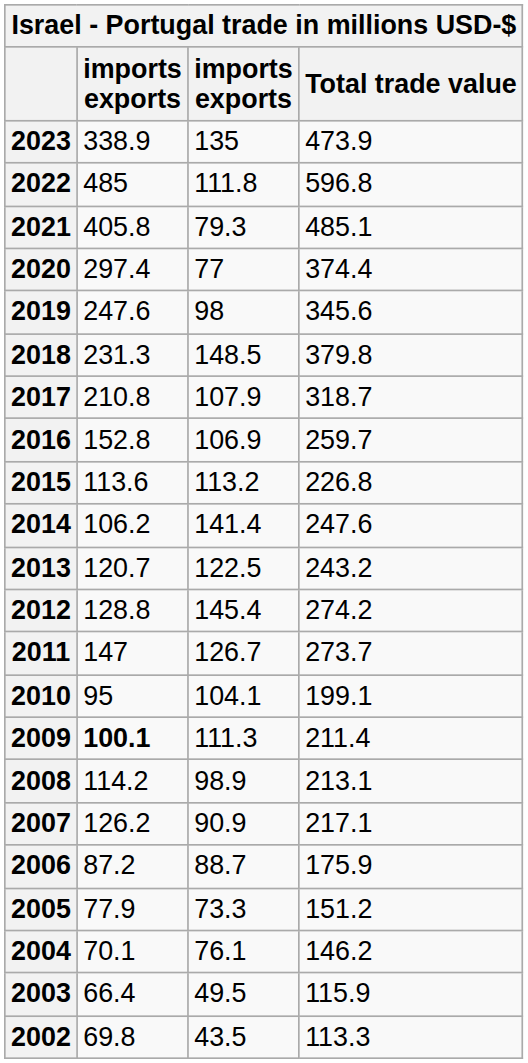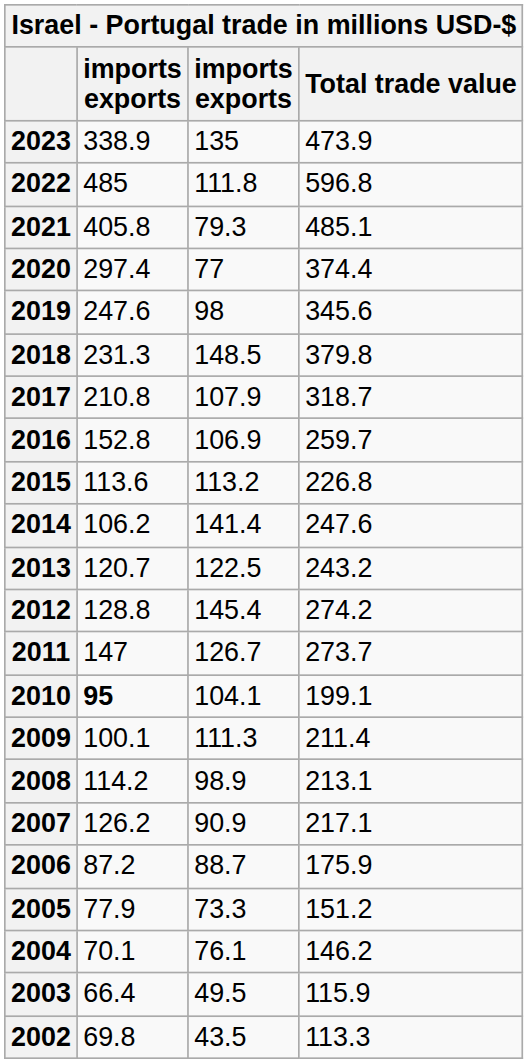 <table class="wikitable mw-collapsible mw-collapsed">
 <tr>
 <th colspan="4">Israel - Portugal trade in millions USD-$</th>
 </tr>
 <tr>
 <th></th>
 <th> imports<br> exports</th>
 <th> imports<br> exports</th>
 <th>Total trade value</th>
 </tr>
 <tr>
 <th>2023</th>
 <td>338.9</td>
 <td>135</td>
 <td>473.9</td>
 </tr>
 <tr>
 <th>2022</th>
 <td>485</td>
 <td>111.8</td>
 <td>596.8</td>
 </tr>
 <tr>
 <th>2021</th>
 <td>405.8</td>
 <td>79.3</td>
 <td>485.1</td>
 </tr>
 <tr>
 <th>2020</th>
 <td>297.4</td>
 <td>77</td>
 <td>374.4</td>
 </tr>
 <tr>
 <th>2019</th>
 <td>247.6</td>
 <td>98</td>
 <td>345.6</td>
 </tr>
 <tr>
 <th>2018</th>
 <td>231.3</td>
 <td>148.5</td>
 <td>379.8</td>
 </tr>
 <tr>
 <th>2017</th>
 <td>210.8</td>
 <td>107.9</td>
 <td>318.7</td>
 </tr>
 <tr>
 <th>2016</th>
 <td>152.8</td>
 <td>106.9</td>
 <td>259.7</td>
 </tr>
 <tr>
 <th>2015</th>
 <td>113.6</td>
 <td>113.2</td>
 <td>226.8</td>
 </tr>
 <tr>
 <th>2014</th>
 <td>106.2</td>
 <td>141.4</td>
 <td>247.6</td>
 </tr>
 <tr>
 <th>2013</th>
 <td>120.7</td>
 <td>122.5</td>
 <td>243.2</td>
 </tr>
 <tr>
 <th>2012</th>
 <td>128.8</td>
 <td>145.4</td>
 <td>274.2</td>
 </tr>
 <tr>
 <th>2011</th>
 <td>147</td>
 <td>126.7</td>
 <td>273.7</td>
 </tr>
 <tr>
 <th>2010</th>
-<td>95</td>
+<td><strong>95</strong></td>
 <td>104.1</td>
 <td>199.1</td>
 </tr>
 <tr>
 <th>2009</th>
-<td><strong>100.1</strong></td>
+<td>100.1</td>
 <td>111.3</td>
 <td>211.4</td>
 </tr>
 <tr>
 <th>2008</th>
 <td>114.2</td>
 <td>98.9</td>
 <td>213.1</td>
 </tr>
 <tr>
 <th>2007</th>
 <td>126.2</td>
 <td>90.9</td>
 <td>217.1</td>
 </tr>
 <tr>
 <th>2006</th>
 <td>87.2</td>
 <td>88.7</td>
 <td>175.9</td>
 </tr>
 <tr>
 <th>2005</th>
 <td>77.9</td>
 <td>73.3</td>
 <td>151.2</td>
 </tr>
 <tr>
 <th>2004</th>
 <td>70.1</td>
 <td>76.1</td>
 <td>146.2</td>
 </tr>
 <tr>
 <th>2003</th>
 <td>66.4</td>
 <td>49.5</td>
 <td>115.9</td>
 </tr>
 <tr>
 <th>2002</th>
 <td>69.8</td>
 <td>43.5</td>
 <td>113.3</td>
 </tr>
 </table>
